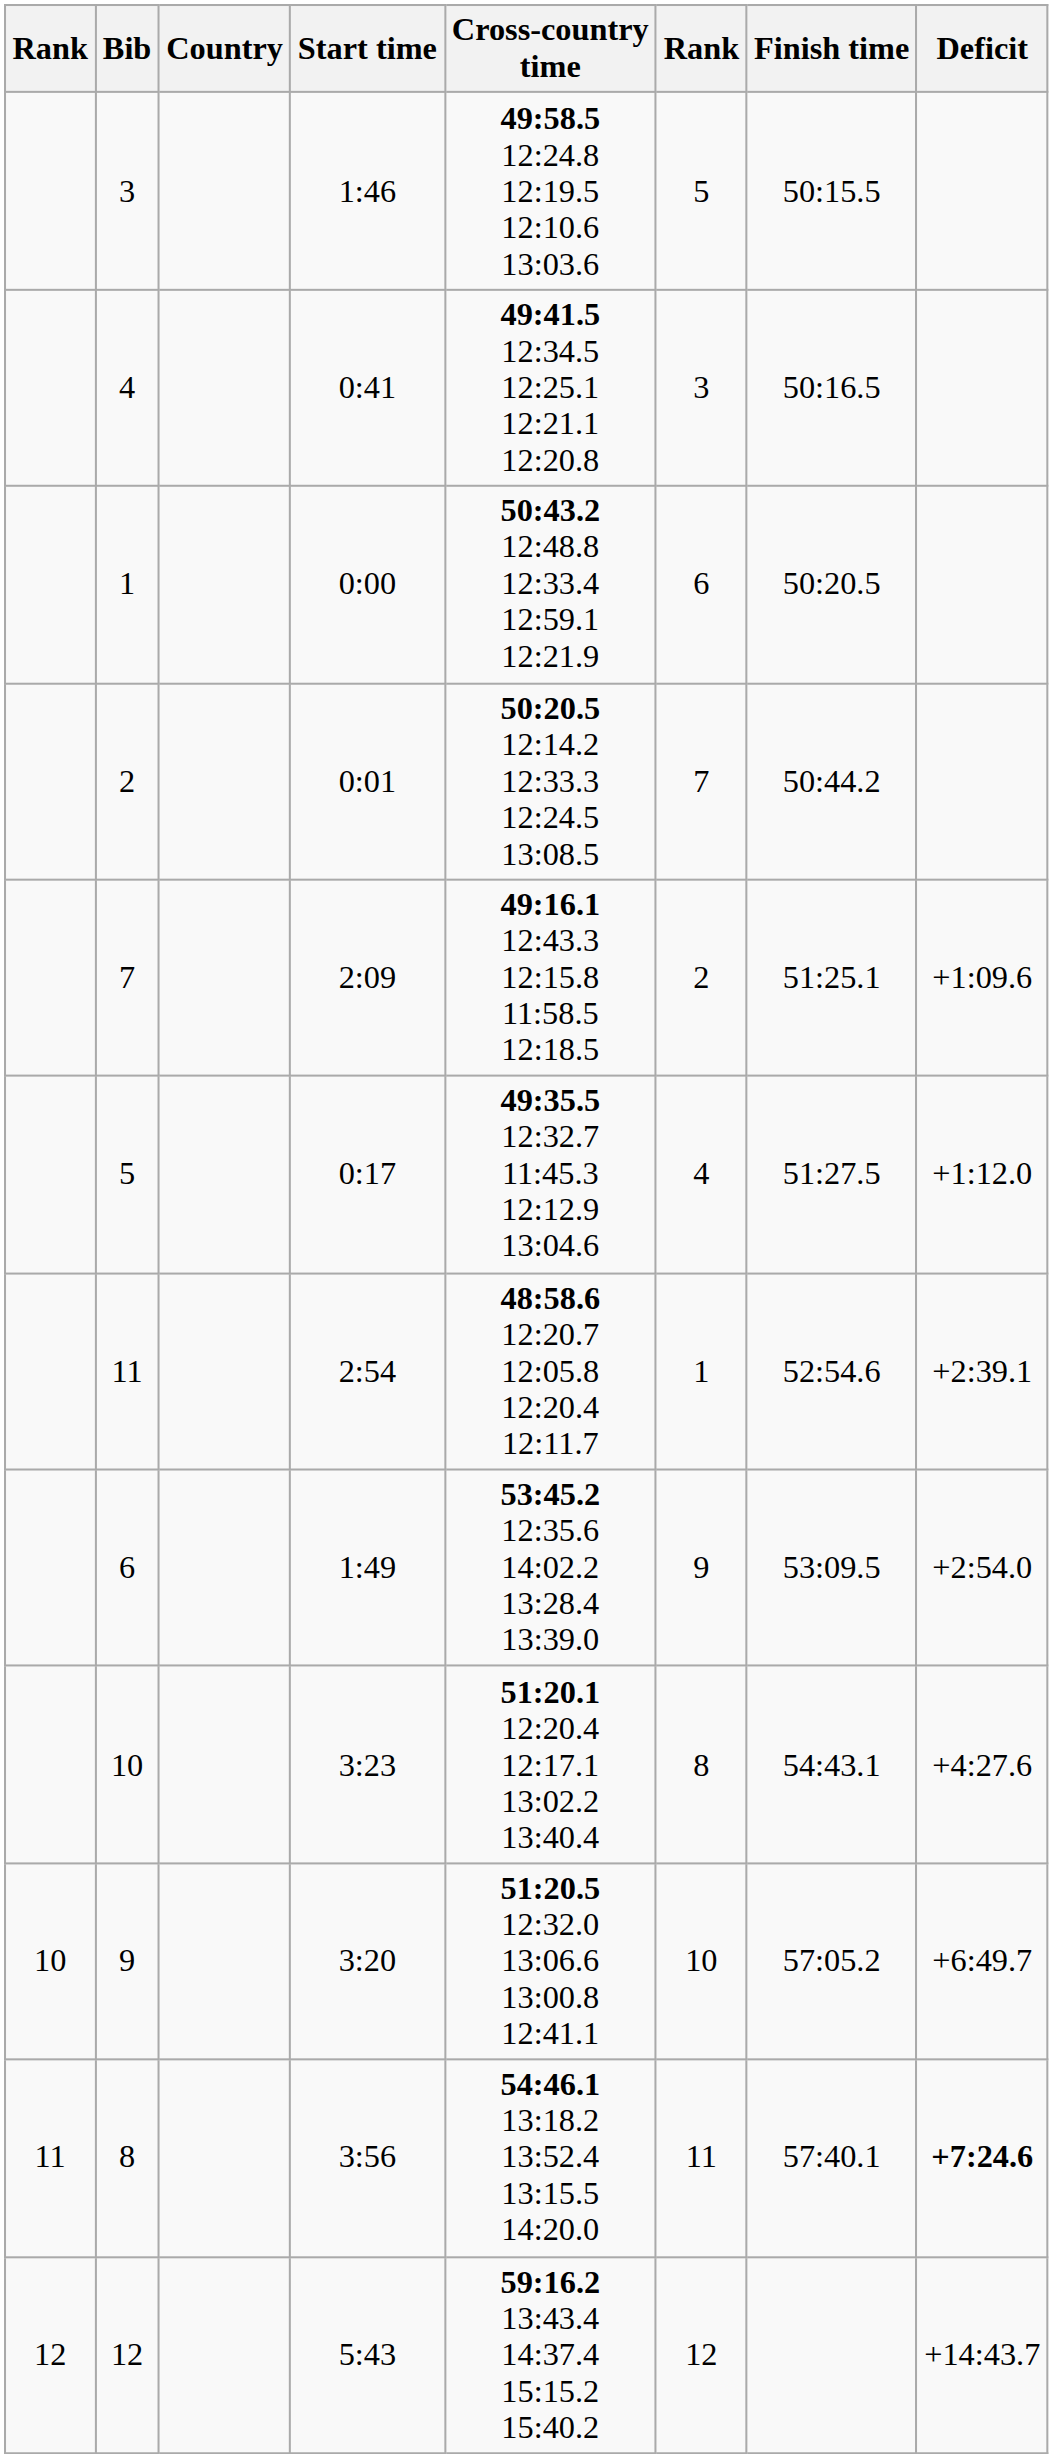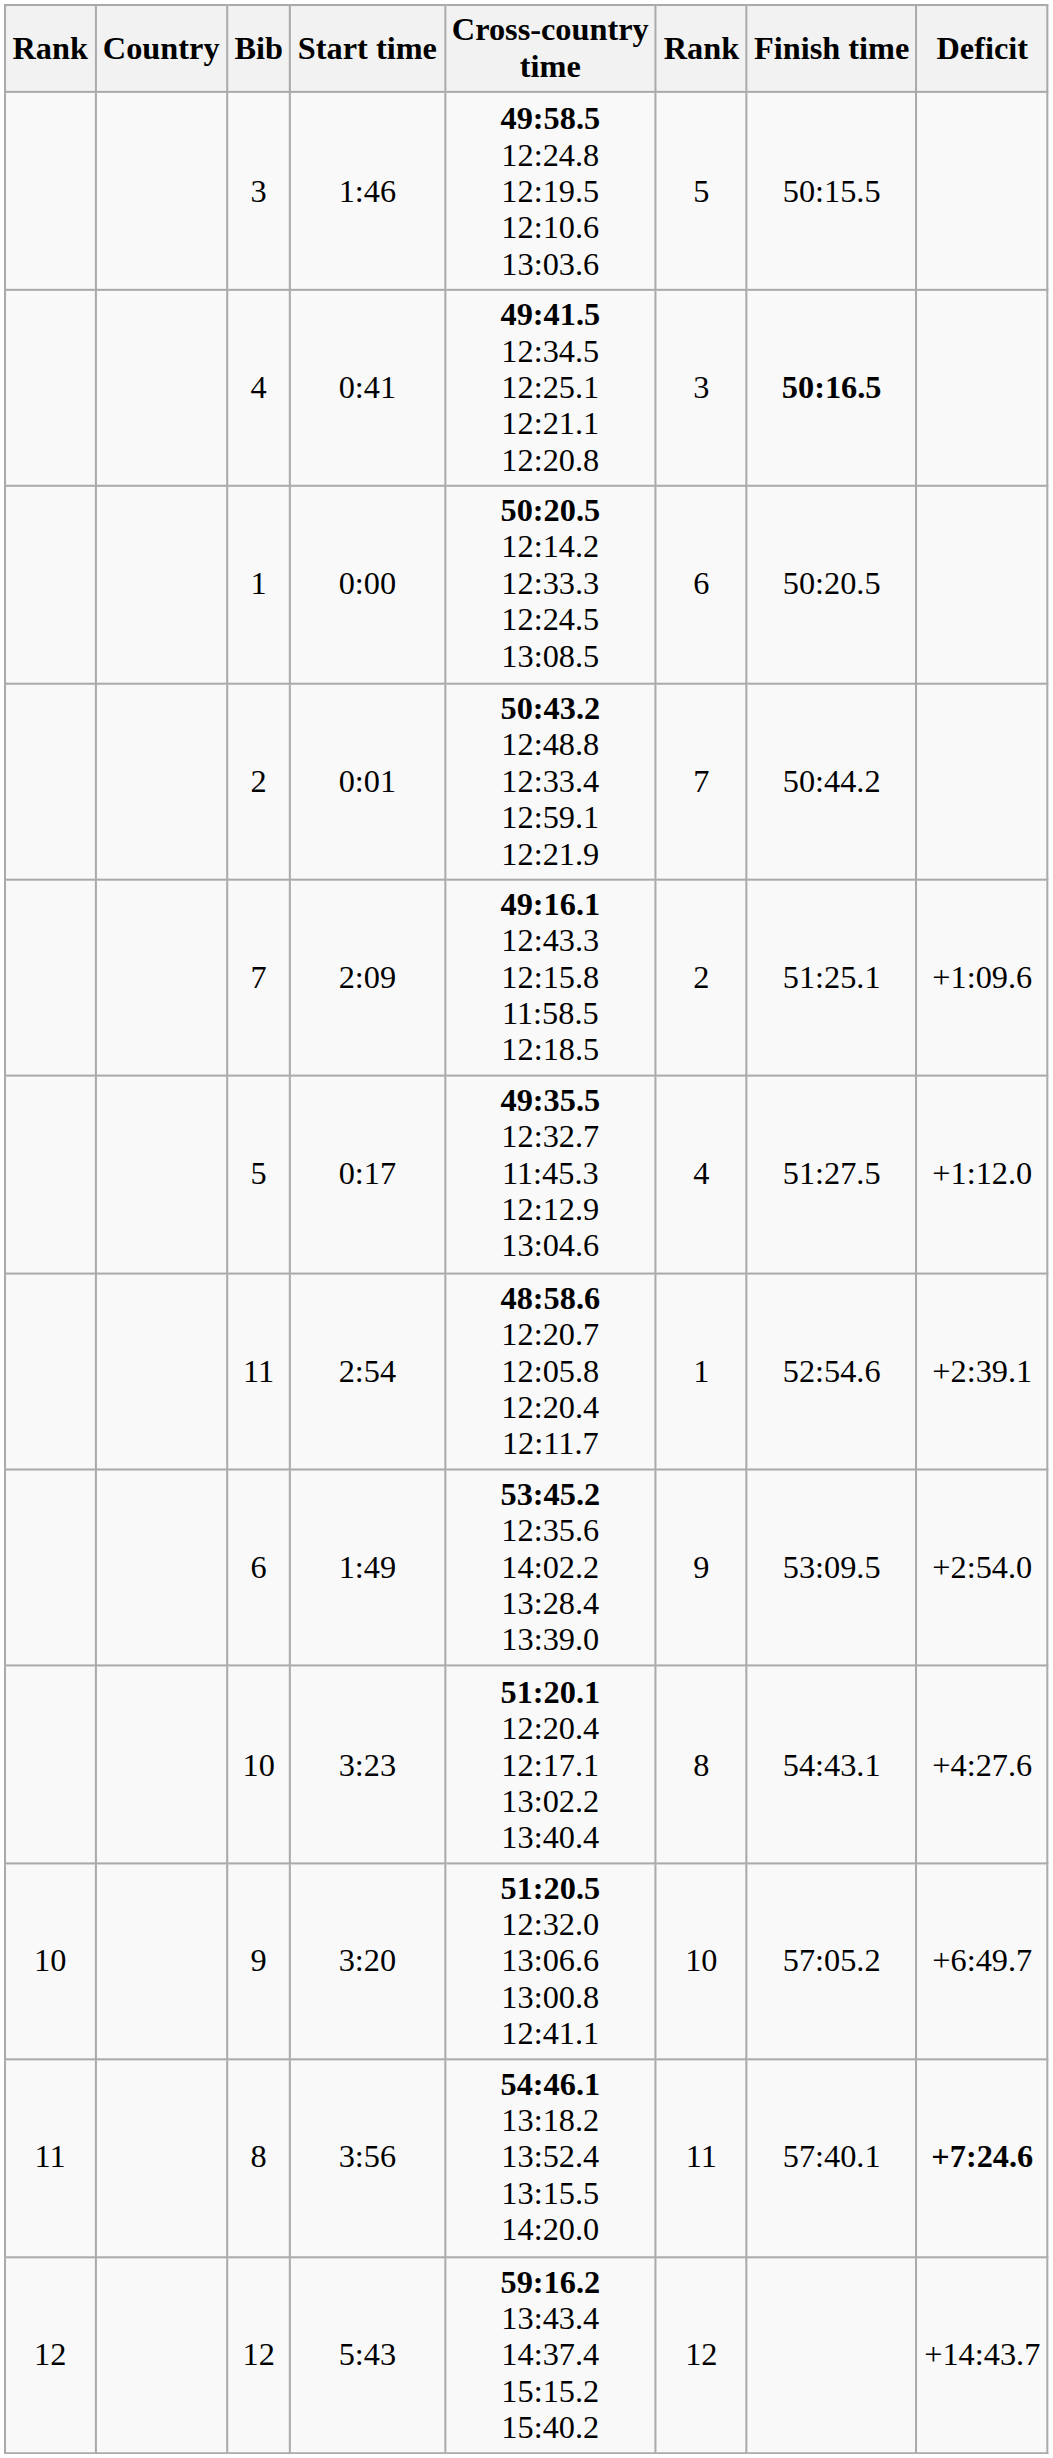 <table class="wikitable sortable" style="text-align:center">
 <tr>
 <th>Rank</th>
+<th>Country</th>
 <th>Bib</th>
-<th>Country</th>
 <th>Start time</th>
 <th>Cross-country<br>time</th>
 <th>Rank</th>
 <th>Finish time</th>
 <th>Deficit</th>
 </tr>
 <tr>
 <td></td>
+<td align=left><br></td>
 <td>3</td>
-<td align=left><br></td>
 <td>1:46</td>
 <td><strong>49:58.5</strong><br>12:24.8<br>12:19.5<br>12:10.6<br>13:03.6</td>
 <td>5</td>
 <td>50:15.5</td>
 <td></td>
 </tr>
 <tr>
 <td></td>
+<td align=left><br></td>
 <td>4</td>
-<td align=left><br></td>
 <td>0:41</td>
 <td><strong>49:41.5</strong><br> 12:34.5<br>12:25.1<br> 12:21.1<br> 12:20.8</td>
 <td>3</td>
-<td>50:16.5</td>
+<td><strong>50:16.5</strong></td>
 <td></td>
 </tr>
 <tr>
 <td></td>
+<td align=left><br></td>
 <td>1</td>
-<td align=left><br></td>
 <td>0:00</td>
-<td><strong>50:43.2</strong><br>12:48.8<br> 12:33.4<br> 12:59.1<br>12:21.9</td>
+<td><strong>50:20.5</strong><br>12:14.2<br>12:33.3<br> 12:24.5<br>13:08.5</td>
 <td>6</td>
 <td>50:20.5</td>
 <td></td>
 </tr>
 <tr>
 <td></td>
+<td align=left><br></td>
 <td>2</td>
-<td align=left><br></td>
 <td>0:01</td>
-<td><strong>50:20.5</strong><br>12:14.2<br>12:33.3<br> 12:24.5<br>13:08.5</td>
+<td><strong>50:43.2</strong><br>12:48.8<br> 12:33.4<br> 12:59.1<br>12:21.9</td>
 <td>7</td>
 <td>50:44.2</td>
 <td></td>
 </tr>
 <tr>
 <td></td>
+<td align=left><br></td>
 <td>7</td>
-<td align=left><br></td>
 <td>2:09</td>
 <td><strong>49:16.1</strong><br> 12:43.3<br> 12:15.8<br>11:58.5<br> 12:18.5</td>
 <td>2</td>
 <td>51:25.1</td>
 <td>+1:09.6</td>
 </tr>
 <tr>
 <td></td>
+<td align=left><br></td>
 <td>5</td>
-<td align=left><br></td>
 <td>0:17</td>
 <td><strong>49:35.5</strong><br> 12:32.7<br>11:45.3<br> 12:12.9<br>13:04.6</td>
 <td>4</td>
 <td>51:27.5</td>
 <td>+1:12.0</td>
 </tr>
 <tr>
 <td></td>
+<td align=left><br></td>
 <td>11</td>
-<td align=left><br></td>
 <td>2:54</td>
 <td><strong>48:58.6</strong><br>12:20.7<br> 12:05.8<br> 12:20.4<br> 12:11.7</td>
 <td>1</td>
 <td>52:54.6</td>
 <td>+2:39.1</td>
 </tr>
 <tr>
 <td></td>
+<td align=left><br></td>
 <td>6</td>
-<td align=left><br></td>
 <td>1:49</td>
 <td><strong>53:45.2</strong><br> 12:35.6<br> 14:02.2<br> 13:28.4<br>13:39.0</td>
 <td>9</td>
 <td>53:09.5</td>
 <td>+2:54.0</td>
 </tr>
 <tr>
 <td></td>
+<td align=left><br></td>
 <td>10</td>
-<td align=left><br></td>
 <td>3:23</td>
 <td><strong>51:20.1</strong><br> 12:20.4<br> 12:17.1<br> 13:02.2<br> 13:40.4</td>
 <td>8</td>
 <td>54:43.1</td>
 <td>+4:27.6</td>
 </tr>
 <tr>
 <td>10</td>
+<td align=left><br></td>
 <td>9</td>
-<td align=left><br></td>
 <td>3:20</td>
 <td><strong>51:20.5</strong><br> 12:32.0<br>13:06.6<br> 13:00.8<br>12:41.1</td>
 <td>10</td>
 <td>57:05.2</td>
 <td>+6:49.7</td>
 </tr>
 <tr>
 <td>11</td>
+<td align=left><br></td>
 <td>8</td>
-<td align=left><br></td>
 <td>3:56</td>
 <td><strong>54:46.1</strong><br> 13:18.2<br> 13:52.4<br>13:15.5<br> 14:20.0</td>
 <td>11</td>
 <td>57:40.1</td>
 <td><strong>+7:24.6</strong></td>
 </tr>
 <tr>
 <td>12</td>
+<td align=left><br></td>
 <td>12</td>
-<td align=left><br></td>
 <td>5:43</td>
 <td><strong>59:16.2</strong><br> 13:43.4<br>14:37.4<br>15:15.2<br> 15:40.2</td>
 <td>12</td>
 <td></td>
 <td>+14:43.7</td>
 </tr>
 </table>
